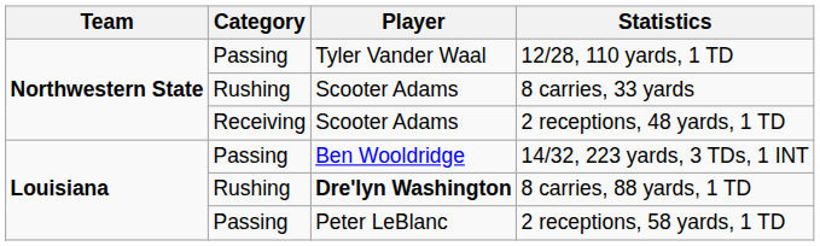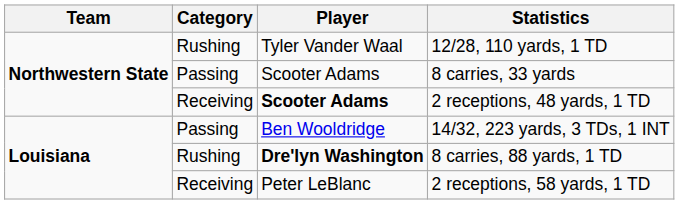 <table class="wikitable" style="float: left;">
 <tr>
 <th>Team</th>
 <th>Category</th>
 <th>Player</th>
 <th>Statistics</th>
 </tr>
 <tr>
 <td rowspan=3><strong>Northwestern State</strong></td>
-<td>Passing</td>
+<td>Rushing</td>
 <td>Tyler Vander Waal</td>
 <td>12/28, 110 yards, 1 TD</td>
 </tr>
 <tr>
-<td>Rushing</td>
+<td>Passing</td>
 <td>Scooter Adams</td>
 <td>8 carries, 33 yards</td>
 </tr>
 <tr>
 <td>Receiving</td>
-<td>Scooter Adams</td>
+<td><strong>Scooter Adams</strong></td>
 <td>2 receptions, 48 yards, 1 TD</td>
 </tr>
 <tr>
 <td rowspan=3><strong>Louisiana</strong></td>
 <td>Passing</td>
 <td><a href='#'>Ben Wooldridge</a></td>
 <td>14/32, 223 yards, 3 TDs, 1 INT</td>
 </tr>
 <tr>
 <td>Rushing</td>
 <td><strong>Dre'lyn Washington</strong></td>
 <td>8 carries, 88 yards, 1 TD</td>
 </tr>
 <tr>
-<td>Passing</td>
+<td>Receiving</td>
 <td>Peter LeBlanc</td>
 <td>2 receptions, 58 yards, 1 TD</td>
 </tr>
 </table>
